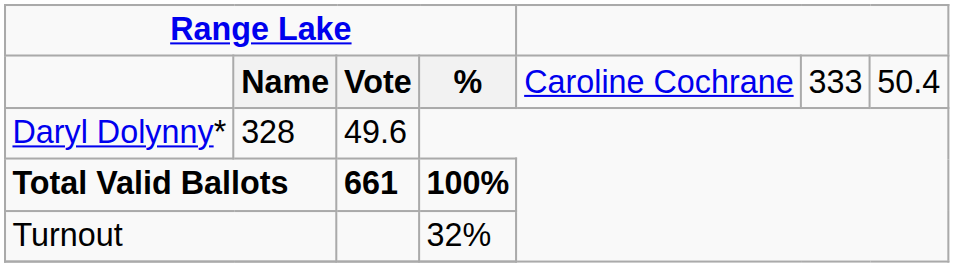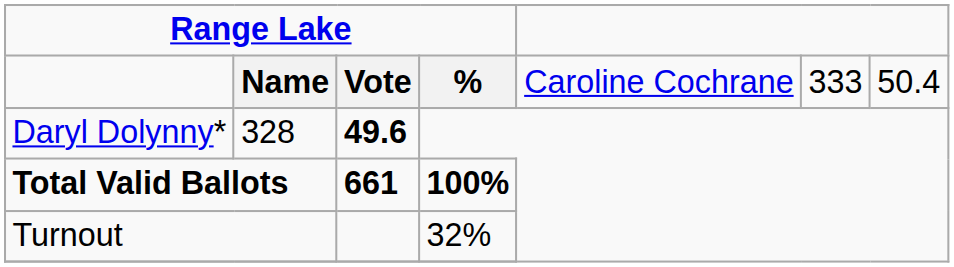 <table class="wikitable">
 <tr>
 <td colspan=4 align=center><strong><a href='#'>Range Lake</a></strong></td>
 </tr>
 <tr>
 <td></td>
 <th><strong>Name </strong></th>
 <th><strong>Vote</strong></th>
 <th><strong>%</strong><br></th>
 <td><a href='#'>Caroline Cochrane</a></td>
 <td>333</td>
 <td>50.4</td>
 </tr>
 <tr>
 <td><a href='#'>Daryl Dolynny</a>*</td>
 <td>328</td>
-<td>49.6</td>
+<td><strong>49.6</strong></td>
 </tr>
 <tr>
 <td colspan=2><strong>Total Valid Ballots</strong></td>
 <td><strong>661</strong></td>
 <td><strong>100%</strong></td>
 </tr>
 <tr>
 <td colspan=2>Turnout</td>
 <td></td>
 <td>32%</td>
 </tr>
 <tr>
 </tr>
 </table>
